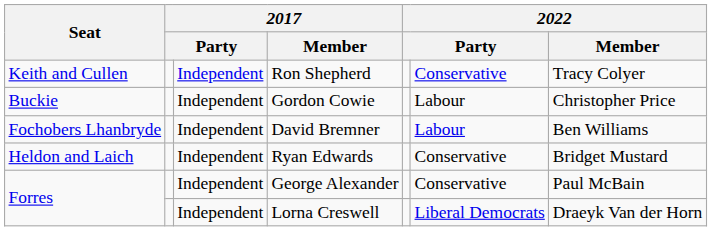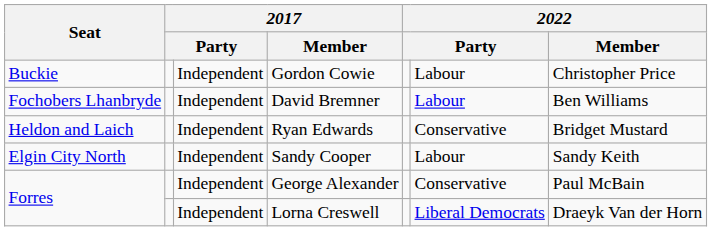 <table class="wikitable">
 <tr>
 <th rowspan="2" scope="col" style="text-align:center">Seat</th>
 <th colspan="3" scope="col" style="text-align:center"><em>2017</em></th>
 <th colspan="3" scope="col" style="text-align:center"><em>2022</em></th>
 </tr>
 <tr>
 <th colspan="2" style="text-align:center">Party</th>
 <th style="text-align:center">Member</th>
 <th colspan="2" style="text-align:center">Party</th>
 <th style="text-align:center">Member</th>
-</tr>
-<tr>
-<td scope="row"><a href='#'>Keith and Cullen</a></td>
-<td></td>
-<td><a href='#'>Independent</a></td>
-<td>Ron Shepherd</td>
-<td></td>
-<td><a href='#'>Conservative</a></td>
-<td>Tracy Colyer</td>
 </tr>
 <tr>
 <td scope="row"><a href='#'>Buckie</a></td>
 <td></td>
 <td>Independent</td>
 <td>Gordon Cowie</td>
 <td></td>
 <td>Labour</td>
 <td>Christopher Price</td>
 </tr>
 <tr>
 <td scope="row"><a href='#'>Fochobers Lhanbryde</a></td>
 <td></td>
 <td>Independent</td>
 <td>David Bremner</td>
 <td></td>
 <td><a href='#'>Labour</a></td>
 <td>Ben Williams</td>
 </tr>
 <tr>
 <td scope="row"><a href='#'>Heldon and Laich</a></td>
 <td></td>
 <td>Independent</td>
 <td>Ryan Edwards</td>
 <td></td>
 <td>Conservative</td>
 <td>Bridget Mustard</td>
 </tr>
 <tr>
+<td scope="row"><a href='#'>Elgin City North</a></td>
+<td></td>
+<td>Independent</td>
+<td>Sandy Cooper</td>
+<td></td>
+<td>Labour</td>
+<td>Sandy Keith</td>
+</tr>
+<tr>
 <td rowspan="2" scope="row"><a href='#'>Forres</a></td>
 <td></td>
 <td>Independent</td>
 <td>George Alexander</td>
 <td></td>
 <td>Conservative</td>
 <td>Paul McBain</td>
 </tr>
 <tr>
 <td></td>
 <td>Independent</td>
 <td>Lorna Creswell</td>
 <td></td>
 <td><a href='#'>Liberal Democrats</a></td>
 <td>Draeyk Van der Horn</td>
 </tr>
 </table>
